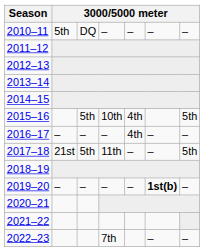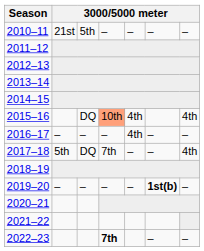 <table class="wikitable" style="display: inline-table;">
 <tr>
 <th>Season</th>
 <th colspan="6">3000/5000 meter</th>
 </tr>
 <tr>
 <td><a href='#'>2010–11</a></td>
+<td>21st</td>
 <td>5th</td>
-<td>DQ</td>
 <td>–</td>
 <td>–</td>
 <td>–</td>
 <td>–</td>
 </tr>
 <tr>
 <td><a href='#'>2011–12</a></td>
 <td colspan="6" bgcolor=#EEEEEE></td>
 </tr>
 <tr>
 <td><a href='#'>2012–13</a></td>
 <td colspan="6" bgcolor=#EEEEEE></td>
 </tr>
 <tr>
 <td><a href='#'>2013–14</a></td>
 <td colspan="6" bgcolor=#EEEEEE></td>
 </tr>
 <tr>
 <td><a href='#'>2014–15</a></td>
 <td colspan="6" bgcolor=#EEEEEE></td>
 </tr>
 <tr>
 <td><a href='#'>2015–16</a></td>
 <td></td>
-<td>5th</td>
-<td>10th</td>
+<td>DQ</td>
+<td style="background: lightsalmon;">10th</td>
 <td>4th</td>
 <td></td>
-<td>5th</td>
+<td>4th</td>
 </tr>
 <tr>
 <td><a href='#'>2016–17</a></td>
 <td>–</td>
 <td>–</td>
 <td>–</td>
 <td>4th</td>
 <td>–</td>
 <td>–</td>
 </tr>
 <tr>
 <td><a href='#'>2017–18</a></td>
-<td>21st</td>
 <td>5th</td>
-<td>11th</td>
+<td>DQ</td>
+<td>7th</td>
 <td>–</td>
 <td>–</td>
-<td>5th</td>
+<td>4th</td>
 </tr>
 <tr>
 <td><a href='#'>2018–19</a></td>
 <td colspan="6" bgcolor=#EEEEEE></td>
 </tr>
 <tr>
 <td><a href='#'>2019–20</a></td>
 <td>–</td>
 <td>–</td>
 <td>–</td>
 <td>–</td>
 <td><strong>1st(b)</strong></td>
 <td>–</td>
 </tr>
 <tr>
 <td><a href='#'>2020–21</a></td>
 <td></td>
 <td></td>
 <td colspan="4" bgcolor=#EEEEEE></td>
 </tr>
 <tr>
 <td><a href='#'>2021–22</a></td>
 <td></td>
 <td></td>
 <td></td>
 <td></td>
 <td></td>
 <td colspan="4" bgcolor=#EEEEEE></td>
 </tr>
 <tr>
 <td><a href='#'>2022–23</a></td>
 <td></td>
 <td></td>
-<td>7th</td>
+<td><strong>7th</strong></td>
 <td></td>
 <td>–</td>
 <td>–</td>
 </tr>
 </table>
